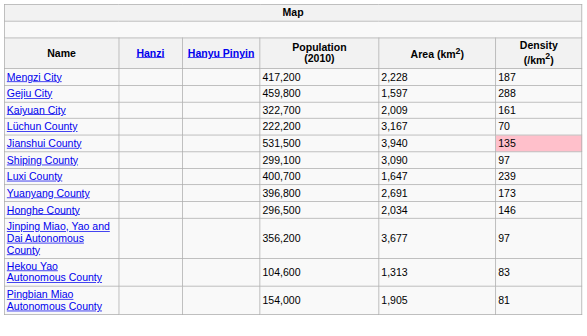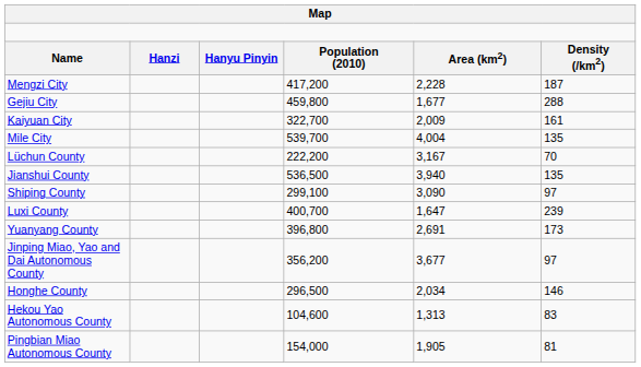 <table class="wikitable"  style="font-size:90%; width:50%;" align=center>
 <tr>
 <th colspan="6" align="center">Map</th>
 </tr>
 <tr>
 <td colspan="6" align="center"><div><br>                </div></td>
 </tr>
 <tr>
 <th width="150">Name</th>
 <th width="80"><a href='#'>Hanzi</a></th>
 <th width="100"><a href='#'>Hanyu Pinyin</a></th>
 <th>Population<br>(2010)</th>
 <th>Area (km<sup>2</sup>)</th>
 <th>Density<br>(/km<sup>2</sup>)</th>
 </tr>
 <tr --------->
 <td><a href='#'>Mengzi City</a></td>
 <td></td>
 <td></td>
 <td>417,200</td>
 <td>2,228</td>
 <td>187</td>
 </tr>
 <tr --------->
 <td><a href='#'>Gejiu City</a></td>
 <td></td>
 <td></td>
 <td>459,800</td>
-<td>1,597</td>
+<td>1,677</td>
 <td>288</td>
 </tr>
 <tr --------->
 <td><a href='#'>Kaiyuan City</a></td>
 <td></td>
 <td></td>
 <td>322,700</td>
 <td>2,009</td>
 <td>161</td>
+</tr>
+<tr --------->
+<td><a href='#'>Mile City</a></td>
+<td></td>
+<td></td>
+<td>539,700</td>
+<td>4,004</td>
+<td>135</td>
 </tr>
 <tr --------->
 <td><a href='#'>Lüchun County</a></td>
 <td></td>
 <td></td>
 <td>222,200</td>
 <td>3,167</td>
 <td>70</td>
 </tr>
 <tr --------->
 <td><a href='#'>Jianshui County</a></td>
 <td></td>
 <td></td>
-<td>531,500</td>
+<td>536,500</td>
 <td>3,940</td>
-<td style="background: pink;">135</td>
+<td>135</td>
 </tr>
 <tr --------->
 <td><a href='#'>Shiping County</a></td>
 <td></td>
 <td></td>
 <td>299,100</td>
 <td>3,090</td>
 <td>97</td>
 </tr>
 <tr --------->
 <td><a href='#'>Luxi County</a></td>
 <td></td>
 <td></td>
 <td>400,700</td>
 <td>1,647</td>
 <td>239</td>
 </tr>
 <tr --------->
 <td><a href='#'>Yuanyang County</a></td>
 <td></td>
 <td></td>
 <td>396,800</td>
 <td>2,691</td>
 <td>173</td>
 </tr>
 <tr --------->
+<td><a href='#'>Jinping Miao, Yao and Dai Autonomous County</a></td>
+<td></td>
+<td></td>
+<td>356,200</td>
+<td>3,677</td>
+<td>97</td>
+</tr>
+<tr --------->
 <td><a href='#'>Honghe County</a></td>
 <td></td>
 <td></td>
 <td>296,500</td>
 <td>2,034</td>
 <td>146</td>
-</tr>
-<tr --------->
-<td><a href='#'>Jinping Miao, Yao and Dai Autonomous County</a></td>
-<td></td>
-<td></td>
-<td>356,200</td>
-<td>3,677</td>
-<td>97</td>
 </tr>
 <tr --------->
 <td><a href='#'>Hekou Yao Autonomous County</a></td>
 <td></td>
 <td></td>
 <td>104,600</td>
 <td>1,313</td>
 <td>83</td>
 </tr>
 <tr --------->
 <td><a href='#'>Pingbian Miao Autonomous County</a></td>
 <td></td>
 <td></td>
 <td>154,000</td>
 <td>1,905</td>
 <td>81</td>
 </tr>
 </table>
